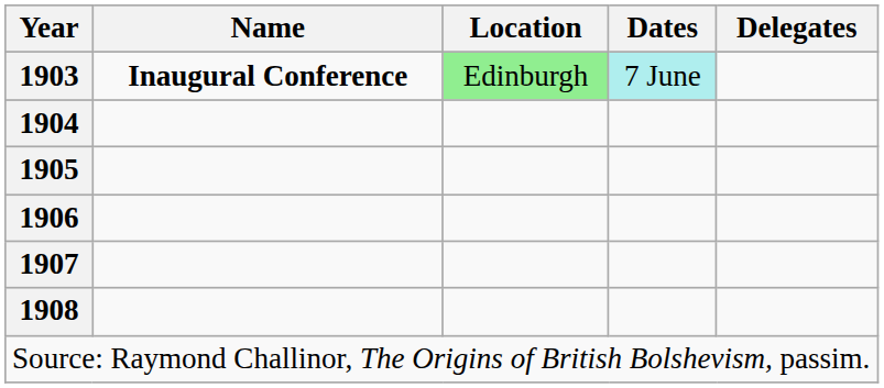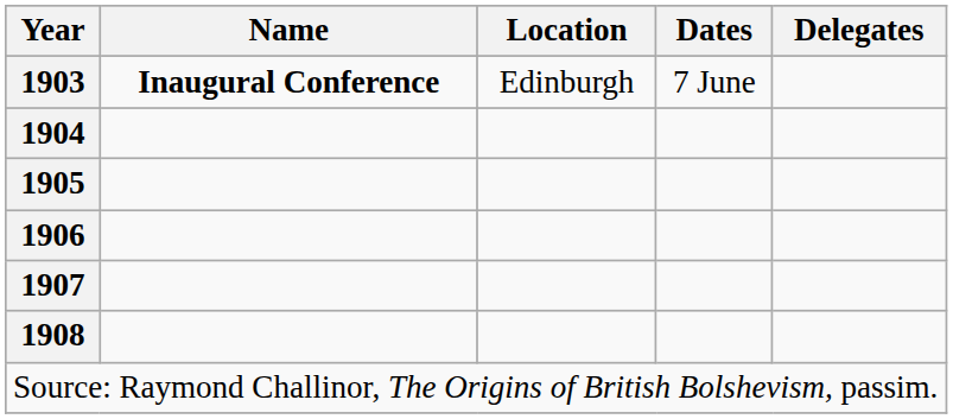 <table class="wikitable" style="text-align: center">
 <tr>
 <th>Year</th>
 <th>Name</th>
 <th>Location</th>
 <th>Dates</th>
 <th>Delegates</th>
 </tr>
 <tr>
 <th>1903</th>
 <td><strong>Inaugural Conference</strong></td>
-<td style="background: lightgreen;">Edinburgh</td>
-<td style="background: paleturquoise;">7 June</td>
+<td>Edinburgh</td>
+<td>7 June</td>
 <td></td>
 </tr>
 <tr>
 <th>1904</th>
 <td></td>
 <td></td>
 <td></td>
 <td></td>
 </tr>
 <tr>
 <th>1905</th>
 <td></td>
 <td></td>
 <td></td>
 <td></td>
 </tr>
 <tr>
 <th>1906</th>
 <td></td>
 <td></td>
 <td></td>
 <td></td>
 </tr>
 <tr>
 <th>1907</th>
 <td></td>
 <td></td>
 <td></td>
 <td></td>
 </tr>
 <tr>
 <th>1908</th>
 <td></td>
 <td></td>
 <td></td>
 <td></td>
 </tr>
 <tr>
 <td colspan="5">Source: Raymond Challinor, <em>The Origins of British Bolshevism,</em> passim.</td>
 </tr>
 </table>
